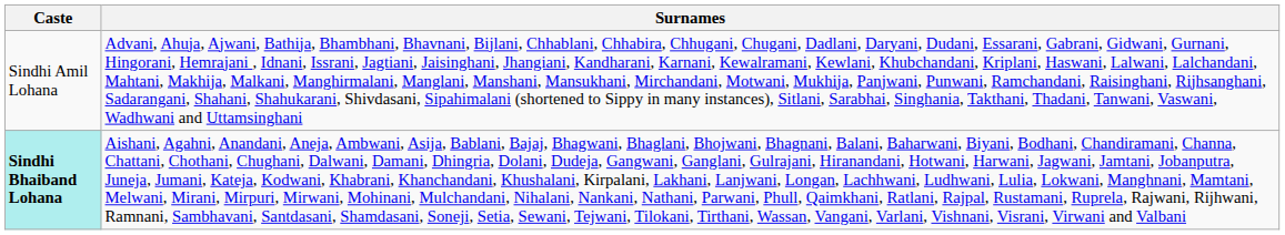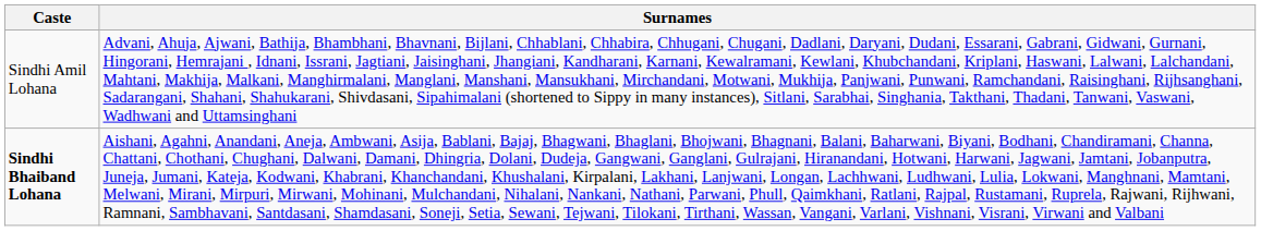 <table class="wikitable">
 <tr>
 <th>Caste</th>
 <th>Surnames</th>
 </tr>
 <tr>
 <td>Sindhi Amil Lohana</td>
 <td><a href='#'>Advani</a>, <a href='#'>Ahuja</a>, <a href='#'>Ajwani</a>, <a href='#'>Bathija</a>, <a href='#'>Bhambhani</a>, <a href='#'>Bhavnani</a>, <a href='#'>Bijlani</a>, <a href='#'>Chhablani</a>, <a href='#'>Chhabira</a>, <a href='#'>Chhugani</a>, <a href='#'>Chugani</a>, <a href='#'>Dadlani</a>, <a href='#'>Daryani</a>, <a href='#'>Dudani</a>, <a href='#'>Essarani</a>, <a href='#'>Gabrani</a>, <a href='#'>Gidwani</a>, <a href='#'>Gurnani</a>, <a href='#'>Hingorani</a>, <a href='#'>Hemrajani </a>, <a href='#'>Idnani</a>, <a href='#'>Issrani</a>, <a href='#'>Jagtiani</a>, <a href='#'>Jaisinghani</a>, <a href='#'>Jhangiani</a>, <a href='#'>Kandharani</a>, <a href='#'>Karnani</a>, <a href='#'>Kewalramani</a>, <a href='#'>Kewlani</a>, <a href='#'>Khubchandani</a>, <a href='#'>Kriplani</a>, <a href='#'>Haswani</a>, <a href='#'>Lalwani</a>, <a href='#'>Lalchandani</a>, <a href='#'>Mahtani</a>, <a href='#'>Makhija</a>, <a href='#'>Malkani</a>, <a href='#'>Manghirmalani</a>, <a href='#'>Manglani</a>, <a href='#'>Manshani</a>, <a href='#'>Mansukhani</a>, <a href='#'>Mirchandani</a>, <a href='#'>Motwani</a>, <a href='#'>Mukhija</a>, <a href='#'>Panjwani</a>, <a href='#'>Punwani</a>, <a href='#'>Ramchandani</a>, <a href='#'>Raisinghani</a>, <a href='#'>Rijhsanghani</a>, <a href='#'>Sadarangani</a>, <a href='#'>Shahani</a>, <a href='#'>Shahukarani</a>, Shivdasani, <a href='#'>Sipahimalani</a> (shortened to Sippy in many instances), <a href='#'>Sitlani</a>, <a href='#'>Sarabhai</a>, <a href='#'>Singhania</a>, <a href='#'>Takthani</a>, <a href='#'>Thadani</a>, <a href='#'>Tanwani</a>, <a href='#'>Vaswani</a>, <a href='#'>Wadhwani</a> and <a href='#'>Uttamsinghani</a></td>
 </tr>
 <tr>
-<td style="background: paleturquoise;"><strong>Sindhi Bhaiband Lohana</strong></td>
+<td><strong>Sindhi Bhaiband Lohana</strong></td>
 <td><a href='#'>Aishani</a>, <a href='#'>Agahni</a>, <a href='#'>Anandani</a>, <a href='#'>Aneja</a>, <a href='#'>Ambwani</a>, <a href='#'>Asija</a>, <a href='#'>Bablani</a>, <a href='#'>Bajaj</a>, <a href='#'>Bhagwani</a>, <a href='#'>Bhaglani</a>, <a href='#'>Bhojwani</a>, <a href='#'>Bhagnani</a>, <a href='#'>Balani</a>, <a href='#'>Baharwani</a>, <a href='#'>Biyani</a>, <a href='#'>Bodhani</a>, <a href='#'>Chandiramani</a>, <a href='#'>Channa</a>, <a href='#'>Chattani</a>, <a href='#'>Chothani</a>, <a href='#'>Chughani</a>, <a href='#'>Dalwani</a>, <a href='#'>Damani</a>, <a href='#'>Dhingria</a>, <a href='#'>Dolani</a>, <a href='#'>Dudeja</a>, <a href='#'>Gangwani</a>, <a href='#'>Ganglani</a>, <a href='#'>Gulrajani</a>, <a href='#'>Hiranandani</a>, <a href='#'>Hotwani</a>, <a href='#'>Harwani</a>, <a href='#'>Jagwani</a>, <a href='#'>Jamtani</a>, <a href='#'>Jobanputra</a>, <a href='#'>Juneja</a>, <a href='#'>Jumani</a>, <a href='#'>Kateja</a>, <a href='#'>Kodwani</a>, <a href='#'>Khabrani</a>, <a href='#'>Khanchandani</a>, <a href='#'>Khushalani</a>, Kirpalani, <a href='#'>Lakhani</a>, <a href='#'>Lanjwani</a>, <a href='#'>Longan</a>, <a href='#'>Lachhwani</a>, <a href='#'>Ludhwani</a>, <a href='#'>Lulia</a>, <a href='#'>Lokwani</a>, <a href='#'>Manghnani</a>, <a href='#'>Mamtani</a>, <a href='#'>Melwani</a>, <a href='#'>Mirani</a>, <a href='#'>Mirpuri</a>, <a href='#'>Mirwani</a>, <a href='#'>Mohinani</a>, <a href='#'>Mulchandani</a>, <a href='#'>Nihalani</a>, <a href='#'>Nankani</a>, <a href='#'>Nathani</a>, <a href='#'>Parwani</a>, <a href='#'>Phull</a>, <a href='#'>Qaimkhani</a>, <a href='#'>Ratlani</a>, <a href='#'>Rajpal</a>, <a href='#'>Rustamani</a>, <a href='#'>Ruprela</a>, Rajwani, Rijhwani, Ramnani, <a href='#'>Sambhavani</a>, <a href='#'>Santdasani</a>, <a href='#'>Shamdasani</a>, <a href='#'>Soneji</a>, <a href='#'>Setia</a>, <a href='#'>Sewani</a>, <a href='#'>Tejwani</a>, <a href='#'>Tilokani</a>, <a href='#'>Tirthani</a>, <a href='#'>Wassan</a>, <a href='#'>Vangani</a>, <a href='#'>Varlani</a>, <a href='#'>Vishnani</a>, <a href='#'>Visrani</a>, <a href='#'>Virwani</a> and <a href='#'>Valbani</a></td>
 </tr>
 </table>
